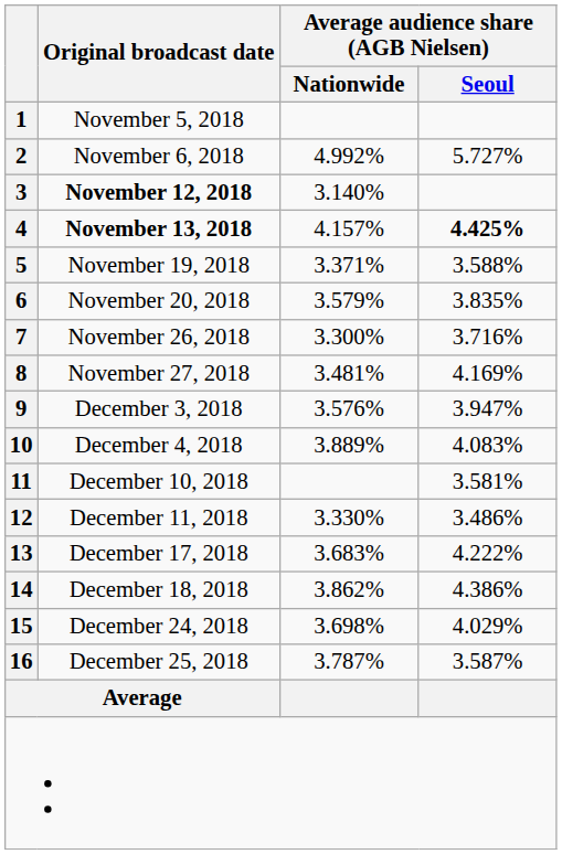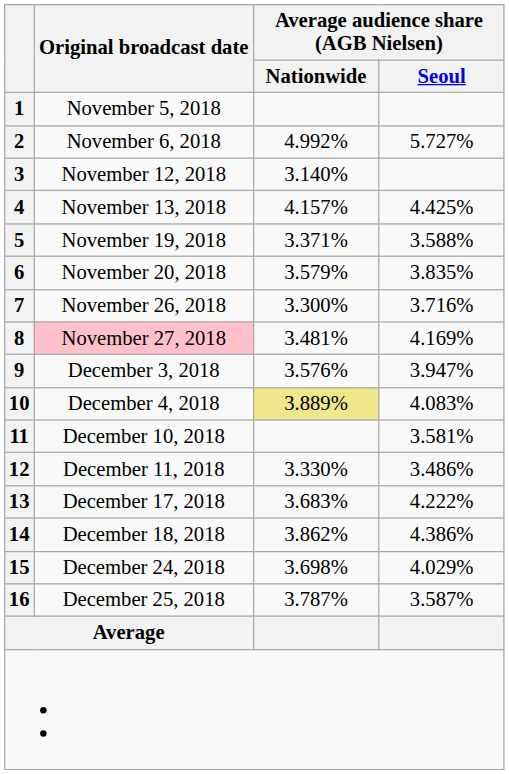 <table class="wikitable" style="text-align:center;max-width:450px; margin-left: auto; margin-right: auto; border: none;">
 <tr>
 </tr>
 <tr>
 <th rowspan="2"></th>
 <th rowspan="2">Original broadcast date</th>
 <th colspan="2">Average audience share<br>(AGB Nielsen)</th>
 </tr>
 <tr>
 <th width="90">Nationwide</th>
 <th width="90"><a href='#'>Seoul</a></th>
 </tr>
 <tr>
 <th>1</th>
 <td>November 5, 2018</td>
 <td></td>
 <td></td>
 </tr>
 <tr>
 <th>2</th>
 <td>November 6, 2018</td>
 <td>4.992%</td>
 <td>5.727%</td>
 </tr>
 <tr>
 <th>3</th>
-<td><strong>November 12, 2018</strong></td>
+<td>November 12, 2018</td>
 <td>3.140%</td>
 <td></td>
 </tr>
 <tr>
 <th>4</th>
-<td><strong>November 13, 2018</strong></td>
+<td>November 13, 2018</td>
 <td>4.157%</td>
-<td><strong>4.425%</strong></td>
+<td>4.425%</td>
 </tr>
 <tr>
 <th>5</th>
 <td>November 19, 2018</td>
 <td>3.371%</td>
 <td>3.588%</td>
 </tr>
 <tr>
 <th>6</th>
 <td>November 20, 2018</td>
 <td>3.579%</td>
 <td>3.835%</td>
 </tr>
 <tr>
 <th>7</th>
 <td>November 26, 2018</td>
 <td>3.300%</td>
 <td>3.716%</td>
 </tr>
 <tr>
 <th>8</th>
-<td>November 27, 2018</td>
+<td style="background: pink;">November 27, 2018</td>
 <td>3.481%</td>
 <td>4.169%</td>
 </tr>
 <tr>
 <th>9</th>
 <td>December 3, 2018</td>
 <td>3.576%</td>
 <td>3.947%</td>
 </tr>
 <tr>
 <th>10</th>
 <td>December 4, 2018</td>
-<td>3.889%</td>
+<td style="background: khaki;">3.889%</td>
 <td>4.083%</td>
 </tr>
 <tr>
 <th>11</th>
 <td>December 10, 2018</td>
 <td></td>
 <td>3.581%</td>
 </tr>
 <tr>
 <th>12</th>
 <td>December 11, 2018</td>
 <td>3.330%</td>
 <td>3.486%</td>
 </tr>
 <tr>
 <th>13</th>
 <td>December 17, 2018</td>
 <td>3.683%</td>
 <td>4.222%</td>
 </tr>
 <tr>
 <th>14</th>
 <td>December 18, 2018</td>
 <td>3.862%</td>
 <td>4.386%</td>
 </tr>
 <tr>
 <th>15</th>
 <td>December 24, 2018</td>
 <td>3.698%</td>
 <td>4.029%</td>
 </tr>
 <tr>
 <th>16</th>
 <td>December 25, 2018</td>
 <td>3.787%</td>
 <td>3.587%</td>
 </tr>
 <tr>
 <th colspan="2">Average</th>
 <th></th>
 <th></th>
 </tr>
 <tr>
 <td colspan="6"><br><ul><li></li><li></li></ul></td>
 </tr>
 </table>
